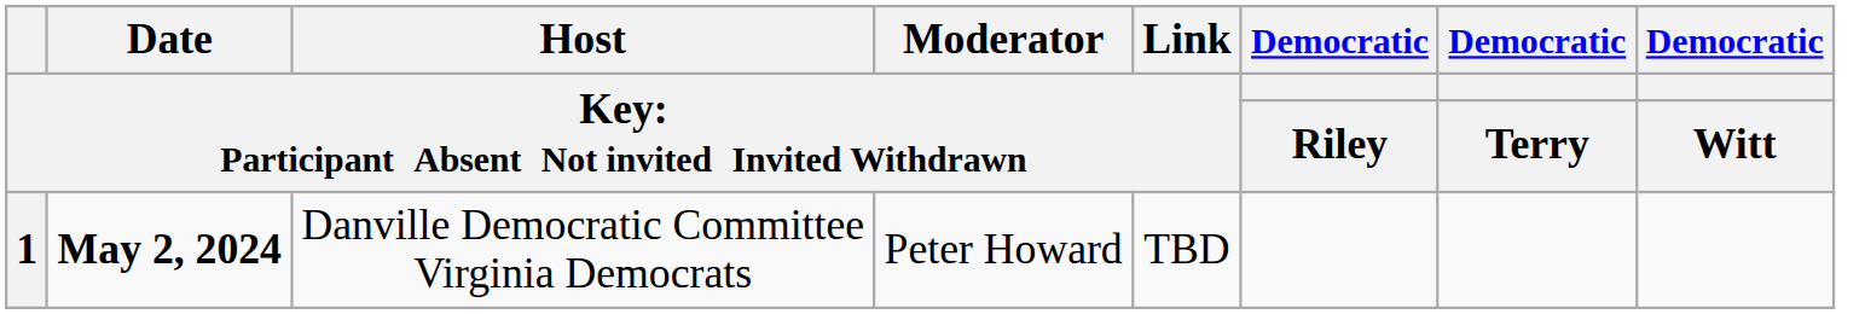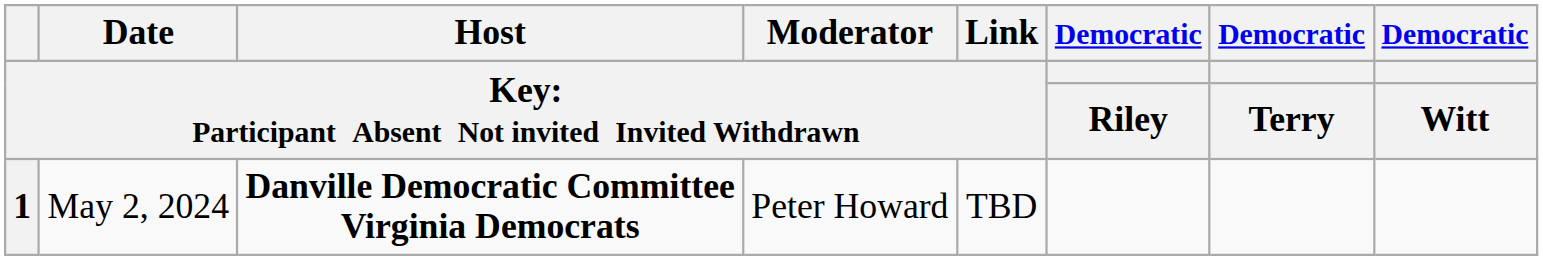 <table class="wikitable" style="text-align:center;">
 <tr>
 <th scope="col"></th>
 <th scope="col">Date</th>
 <th scope="col">Host</th>
 <th scope="col">Moderator</th>
 <th scope="col">Link</th>
 <th scope="col"><small><a href='#'>Democratic</a></small></th>
 <th scope="col"><small><a href='#'>Democratic</a></small></th>
 <th scope="col"><small><a href='#'>Democratic</a></small></th>
 </tr>
 <tr>
 <th colspan="5" rowspan="2">Key:<br> <small>Participant </small>  <small>Absent </small>  <small>Not invited </small>  <small>Invited  Withdrawn</small></th>
 <th scope="col" style="background:"></th>
 <th scope="col" style="background:"></th>
 <th scope="col" style="background:"></th>
 </tr>
 <tr>
 <th scope="col">Riley</th>
 <th scope="col">Terry</th>
 <th scope="col">Witt</th>
 </tr>
 <tr>
 <th>1</th>
-<td style="white-space:nowrap;"><strong>May 2, 2024</strong></td>
-<td style="white-space:nowrap;">Danville Democratic Committee<br>Virginia Democrats</td>
+<td style="white-space:nowrap;">May 2, 2024</td>
+<td style="white-space:nowrap;"><strong>Danville Democratic Committee<br>Virginia Democrats</strong></td>
 <td style="white-space:nowrap;">Peter Howard</td>
 <td style="white-space:nowrap;">TBD</td>
 <td></td>
 <td></td>
 <td></td>
 </tr>
 </table>
